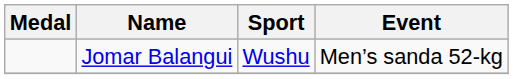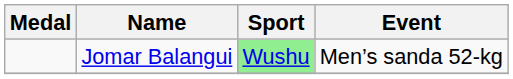 <table class="wikitable sortable"  style="font-size:95%">
 <tr>
 <th>Medal</th>
 <th>Name</th>
 <th>Sport</th>
 <th>Event</th>
 </tr>
 <tr>
 <td></td>
 <td><a href='#'>Jomar Balangui</a></td>
-<td><a href='#'>Wushu</a></td>
+<td style="background: lightgreen;"><a href='#'>Wushu</a></td>
 <td>Men’s sanda 52-kg</td>
 </tr>
 <tr>
 </tr>
 </table>
